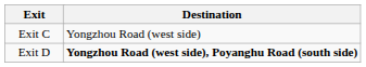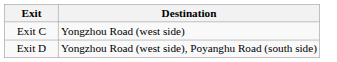 <table class="wikitable">
 <tr>
 <th style="width:70px" colspan="2">Exit</th>
 <th>Destination</th>
 </tr>
 <tr>
 <td align="center" colspan="2">Exit C</td>
 <td>Yongzhou Road (west side)</td>
 </tr>
 <tr>
 <td align="center" colspan="2">Exit D</td>
-<td><strong>Yongzhou Road (west side), Poyanghu Road (south side)</strong></td>
+<td>Yongzhou Road (west side), Poyanghu Road (south side)</td>
 </tr>
 </table>
